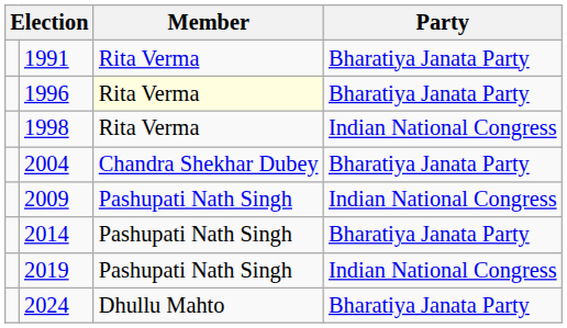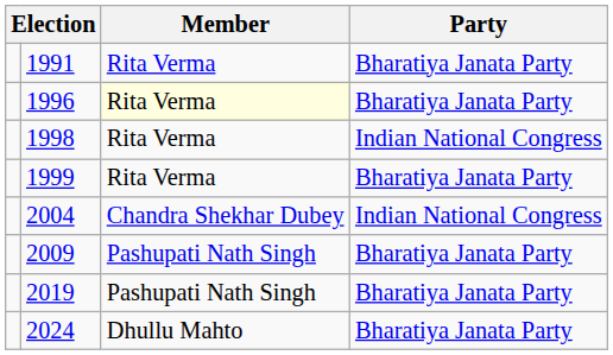 <table class="wikitable">
 <tr>
 <th colspan="2">Election</th>
 <th>Member</th>
 <th>Party</th>
 </tr>
 <tr>
 <td style="background-color: "></td>
 <td><a href='#'>1991</a></td>
 <td><a href='#'>Rita Verma</a></td>
 <td><a href='#'>Bharatiya Janata Party</a></td>
 </tr>
 <tr>
 <td style="background-color: "></td>
 <td><a href='#'>1996</a></td>
 <td style="background: lightyellow;">Rita Verma</td>
 <td><a href='#'>Bharatiya Janata Party</a></td>
 </tr>
 <tr>
 <td style="background-color: "></td>
 <td><a href='#'>1998</a></td>
 <td>Rita Verma</td>
 <td><a href='#'>Indian National Congress</a></td>
 </tr>
 <tr>
 <td style="background-color: "></td>
+<td><a href='#'>1999</a></td>
+<td>Rita Verma</td>
+<td><a href='#'>Bharatiya Janata Party</a></td>
+</tr>
+<tr>
+<td style="background-color: "></td>
 <td><a href='#'>2004</a></td>
 <td><a href='#'>Chandra Shekhar Dubey</a></td>
-<td><a href='#'>Bharatiya Janata Party</a></td>
+<td><a href='#'>Indian National Congress</a></td>
 </tr>
 <tr>
 <td style="background-color: "></td>
 <td><a href='#'>2009</a></td>
 <td><a href='#'>Pashupati Nath Singh</a></td>
-<td><a href='#'>Indian National Congress</a></td>
-</tr>
-<tr>
-<td style="background-color: "></td>
-<td><a href='#'>2014</a></td>
-<td>Pashupati Nath Singh</td>
 <td><a href='#'>Bharatiya Janata Party</a></td>
 </tr>
 <tr>
 <td style="background-color: "></td>
 <td><a href='#'>2019</a></td>
 <td>Pashupati Nath Singh</td>
-<td><a href='#'>Indian National Congress</a></td>
+<td><a href='#'>Bharatiya Janata Party</a></td>
 </tr>
 <tr>
 <td style="background-color: "></td>
 <td><a href='#'>2024</a></td>
 <td>Dhullu Mahto</td>
 <td><a href='#'>Bharatiya Janata Party</a></td>
 </tr>
 </table>
